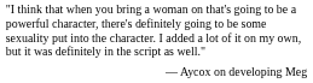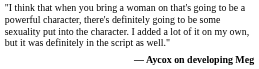 <table class="toccolours" style="float: right; margin-left: 1em; margin-right: 2em; font-size: 85%; width:27em; max-width: 40%;" cellspacing="5">
 <tr>
 <td style="text-align: left;">"I think that when you bring a woman on that's going to be a powerful character, there's definitely going to be some sexuality put into the character. I added a lot of it on my own, but it was definitely in the script as well."</td>
 </tr>
 <tr>
-<td style="text-align: right;"> — Aycox on developing Meg</td>
+<td style="text-align: right;"><strong> — Aycox on developing Meg</strong></td>
 </tr>
 </table>
